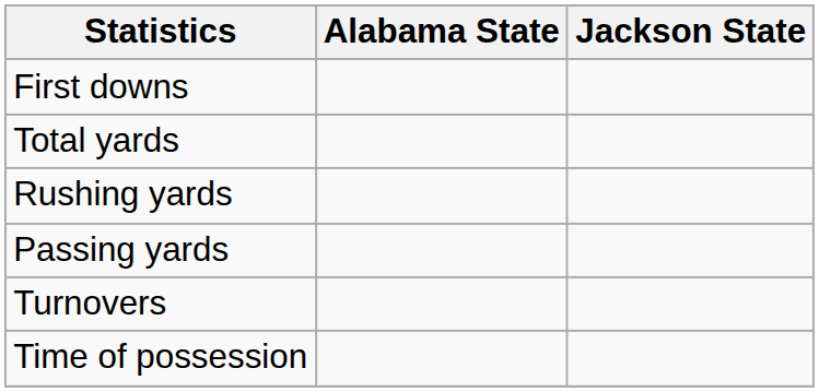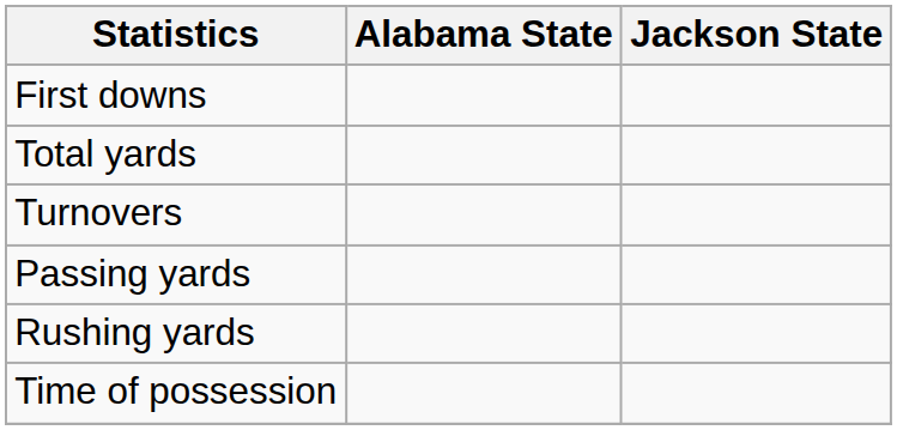 <table class="wikitable">
 <tr>
 <th>Statistics</th>
 <th>Alabama State</th>
 <th>Jackson State</th>
 </tr>
 <tr>
 <td>First downs</td>
 <td></td>
 <td> </td>
 </tr>
 <tr>
 <td>Total yards</td>
 <td></td>
 <td> </td>
 </tr>
 <tr>
-<td>Rushing yards</td>
+<td>Turnovers</td>
 <td></td>
 <td> </td>
 </tr>
 <tr>
 <td>Passing yards</td>
 <td></td>
 <td> </td>
 </tr>
 <tr>
-<td>Turnovers</td>
+<td>Rushing yards</td>
 <td></td>
 <td> </td>
 </tr>
 <tr>
 <td>Time of possession</td>
 <td></td>
 <td> </td>
 </tr>
 <tr>
 </tr>
 </table>
